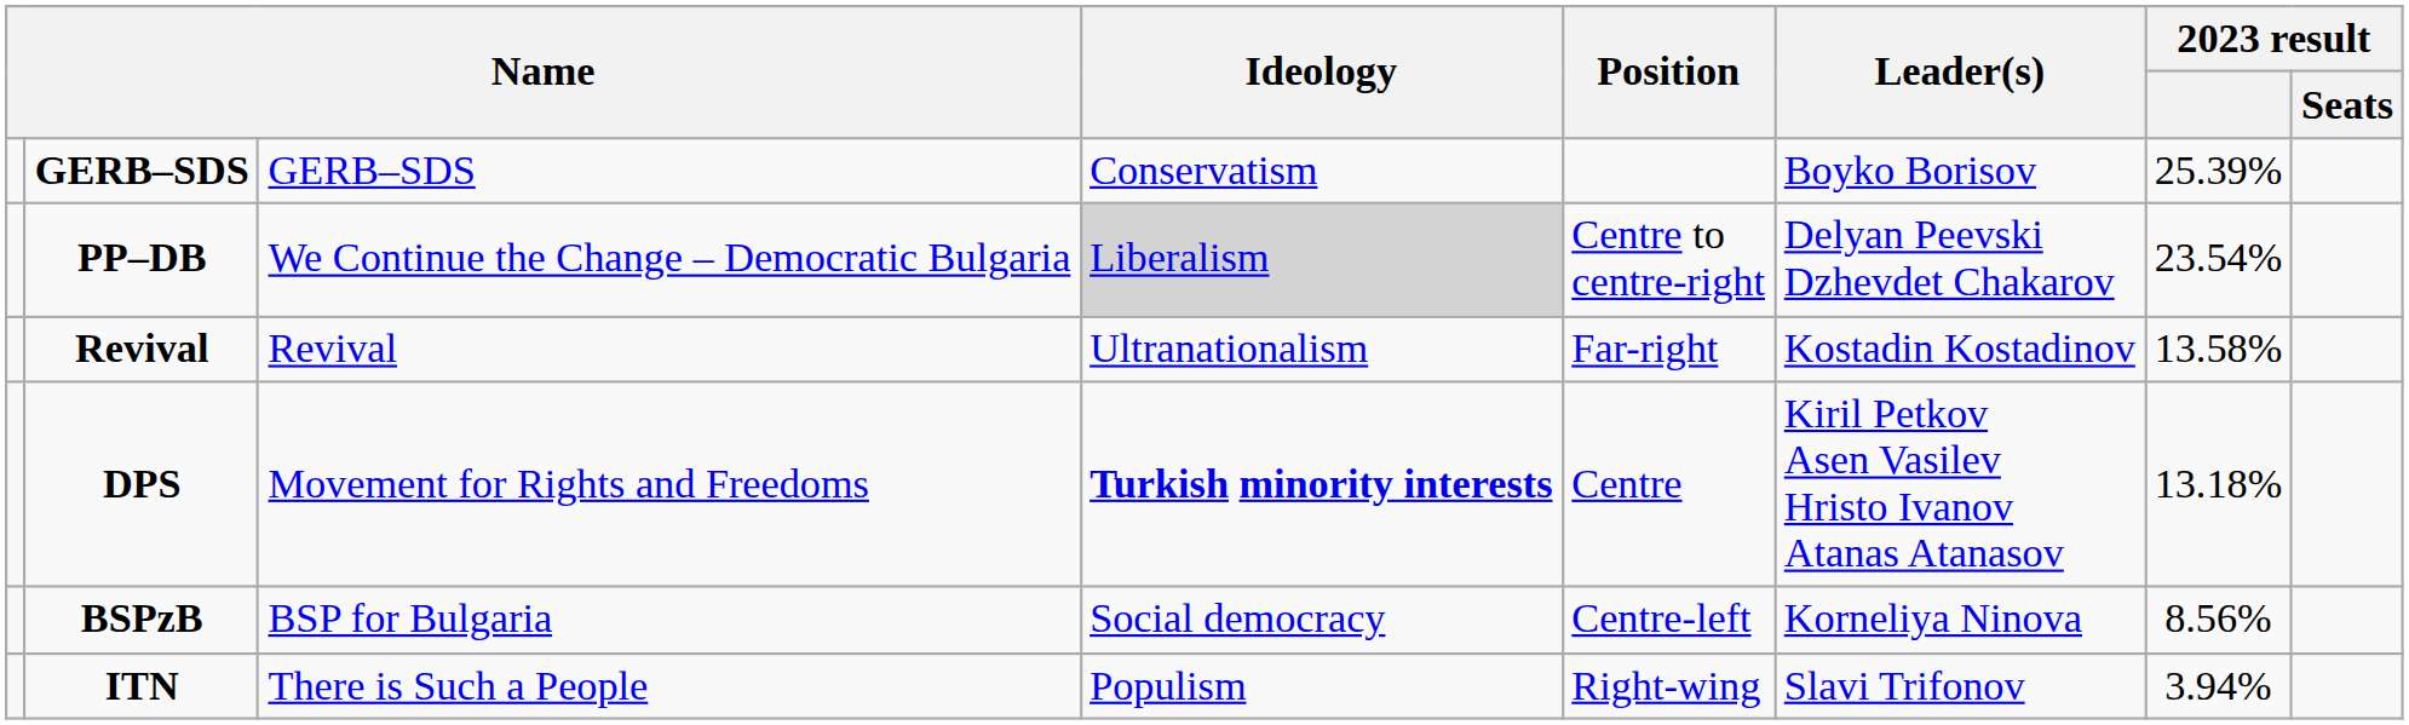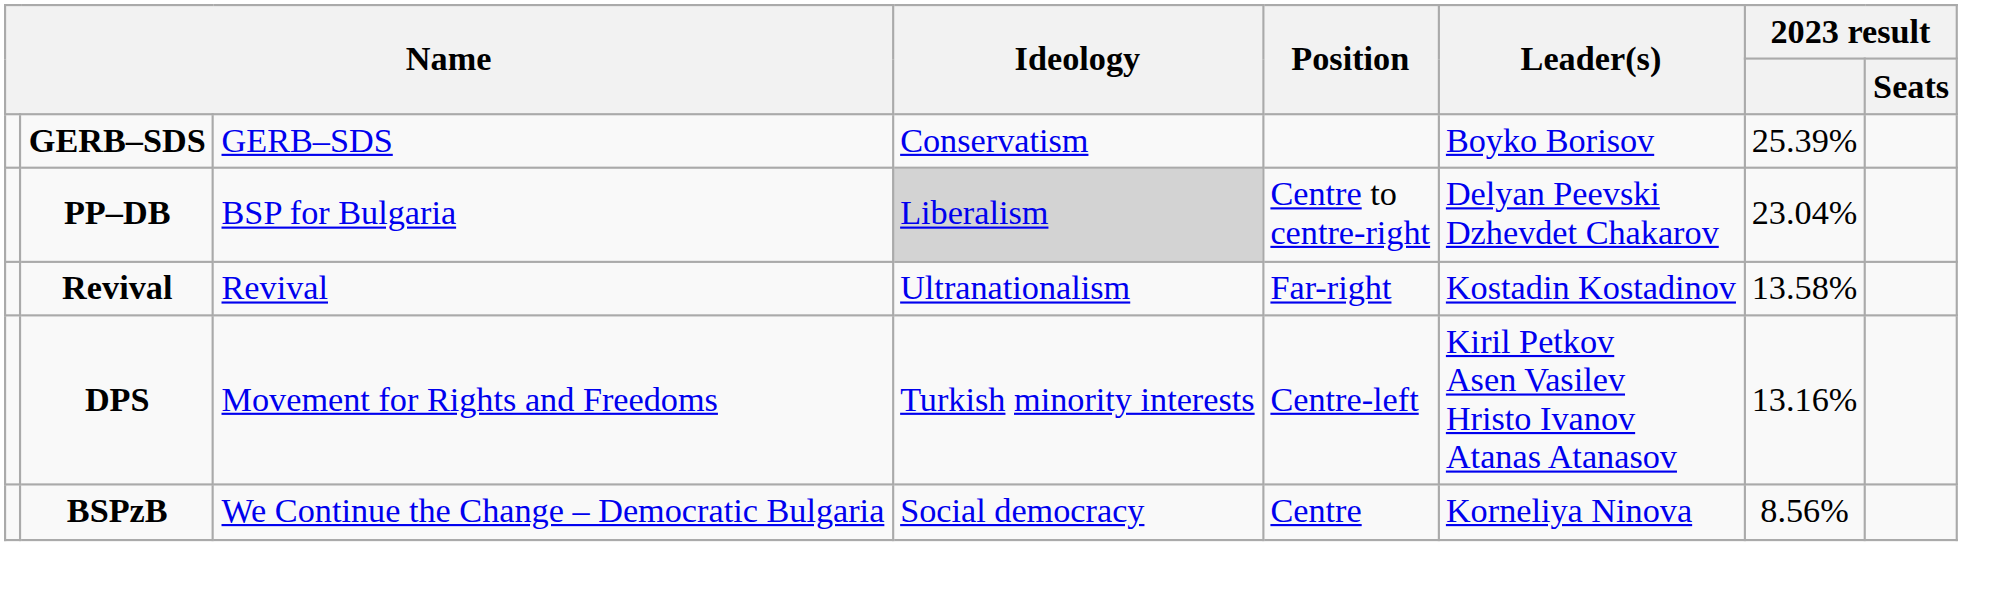 <table class="wikitable">
 <tr>
 <th colspan="3" rowspan="2">Name</th>
 <th rowspan="2">Ideology</th>
 <th rowspan="2">Position</th>
 <th rowspan="2">Leader(s)</th>
 <th colspan="2">2023 result</th>
 </tr>
 <tr>
 <th></th>
 <th>Seats</th>
 </tr>
 <tr>
 <td style="background:"></td>
 <td style="text-align:center"><strong>GERB–SDS</strong></td>
 <td><a href='#'>GERB–SDS</a></td>
 <td><a href='#'>Conservatism</a></td>
 <td></td>
 <td><a href='#'>Boyko Borisov</a></td>
 <td style="text-align:center">25.39%</td>
 <td></td>
 </tr>
 <tr>
 <td style="background:"></td>
 <td style="text-align:center"><strong>PP–DB</strong></td>
-<td><a href='#'>We Continue the Change – Democratic Bulgaria</a></td>
+<td><a href='#'>BSP for Bulgaria</a></td>
 <td style="background: lightgrey;"><a href='#'>Liberalism</a></td>
 <td><a href='#'>Centre</a> to<br><a href='#'>centre-right</a></td>
 <td><a href='#'>Delyan Peevski</a><br><a href='#'>Dzhevdet Chakarov</a></td>
-<td style="text-align:center">23.54%</td>
+<td style="text-align:center">23.04%</td>
 <td></td>
 </tr>
 <tr>
 <td style="background:"></td>
 <td style="text-align:center"><strong>Revival</strong></td>
 <td><a href='#'>Revival</a></td>
 <td><a href='#'>Ultranationalism</a></td>
 <td><a href='#'>Far-right</a></td>
 <td><a href='#'>Kostadin Kostadinov</a></td>
 <td style="text-align:center">13.58%</td>
 <td></td>
 </tr>
 <tr>
 <td style="background:"></td>
 <td style="text-align:center"><strong>DPS</strong></td>
 <td><a href='#'>Movement for Rights and Freedoms</a></td>
-<td><strong><a href='#'>Turkish</a> <a href='#'>minority interests</a></strong></td>
-<td><a href='#'>Centre</a></td>
+<td><a href='#'>Turkish</a> <a href='#'>minority interests</a></td>
+<td><a href='#'>Centre-left</a></td>
 <td><a href='#'>Kiril Petkov</a><br><a href='#'>Asen Vasilev</a><br><a href='#'>Hristo Ivanov</a><br><a href='#'>Atanas Atanasov</a></td>
-<td style="text-align:center">13.18%</td>
+<td style="text-align:center">13.16%</td>
 <td></td>
 </tr>
 <tr>
 <td style="background:"></td>
 <td style="text-align:center"><strong>BSPzB</strong></td>
-<td><a href='#'>BSP for Bulgaria</a></td>
+<td><a href='#'>We Continue the Change – Democratic Bulgaria</a></td>
 <td><a href='#'>Social democracy</a></td>
-<td><a href='#'>Centre-left</a></td>
+<td><a href='#'>Centre</a></td>
 <td><a href='#'>Korneliya Ninova</a></td>
 <td style="text-align:center">8.56%</td>
 <td></td>
 </tr>
-<tr>
-<td style="background:"></td>
-<td style="text-align:center"><strong>ITN</strong></td>
-<td><a href='#'>There is Such a People</a></td>
-<td><a href='#'>Populism</a></td>
-<td><a href='#'>Right-wing</a></td>
-<td><a href='#'>Slavi Trifonov</a></td>
-<td style="text-align:center">3.94%</td>
-<td></td>
-</tr>
 </table>
